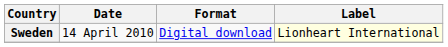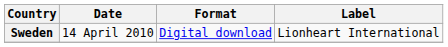 <table class="wikitable plainrowheaders">
 <tr>
 <th scope="col">Country</th>
 <th scope="col">Date</th>
 <th scope="col">Format</th>
 <th scope="col">Label</th>
 </tr>
 <tr>
 <th scope="row">Sweden</th>
 <td>14 April 2010</td>
 <td><a href='#'>Digital download</a></td>
-<td style="background: lightyellow;">Lionheart International</td>
+<td>Lionheart International</td>
 </tr>
 <tr>
 </tr>
 </table>
